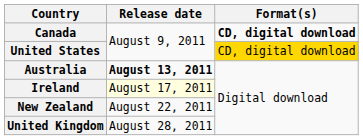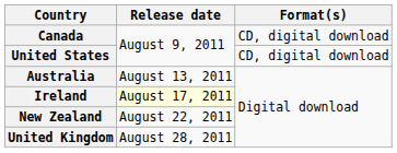 <table class="wikitable plainrowheaders">
 <tr>
 <th scope="col">Country</th>
 <th scope="col">Release date</th>
 <th scope="col">Format(s)</th>
 </tr>
 <tr>
 <th scope="row">Canada</th>
 <td rowspan="2">August 9, 2011</td>
-<td><strong>CD, digital download</strong></td>
+<td>CD, digital download</td>
 </tr>
 <tr>
 <th scope="row">United States</th>
-<td style="background: gold;">CD, digital download</td>
+<td>CD, digital download</td>
 </tr>
 <tr>
 <th scope="row">Australia</th>
-<td><strong>August 13, 2011</strong></td>
+<td>August 13, 2011</td>
 <td rowspan="4">Digital download</td>
 </tr>
 <tr>
 <th scope="row">Ireland</th>
 <td style="background: lightyellow;">August 17, 2011</td>
 </tr>
 <tr>
 <th scope="row">New Zealand</th>
 <td>August 22, 2011</td>
 </tr>
 <tr>
 <th scope="row">United Kingdom</th>
 <td>August 28, 2011</td>
 </tr>
 </table>
